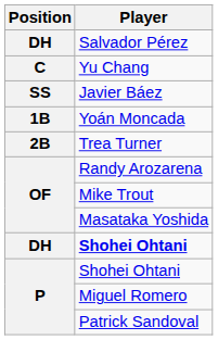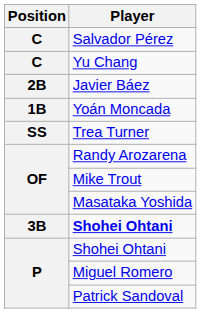 <table class=wikitable>
 <tr>
 <th>Position</th>
 <th>Player</th>
 </tr>
 <tr>
-<th>DH</th>
+<th>C</th>
 <td> <a href='#'>Salvador Pérez</a></td>
 </tr>
 <tr>
 <th>C</th>
 <td> <a href='#'>Yu Chang</a></td>
 </tr>
 <tr>
-<th>SS</th>
+<th>2B</th>
 <td> <a href='#'>Javier Báez</a></td>
 </tr>
 <tr>
 <th>1B</th>
 <td> <a href='#'>Yoán Moncada</a></td>
 </tr>
 <tr>
-<th>2B</th>
+<th>SS</th>
 <td> <a href='#'>Trea Turner</a></td>
 </tr>
 <tr>
 <th rowspan=3>OF</th>
 <td> <a href='#'>Randy Arozarena</a></td>
 </tr>
 <tr>
 <td> <a href='#'>Mike Trout</a></td>
 </tr>
 <tr>
 <td> <a href='#'>Masataka Yoshida</a></td>
 </tr>
 <tr>
-<th>DH</th>
+<th>3B</th>
 <td><strong> <a href='#'>Shohei Ohtani</a></strong></td>
 </tr>
 <tr>
 <th rowspan=3>P</th>
 <td> <a href='#'>Shohei Ohtani</a></td>
 </tr>
 <tr>
 <td> <a href='#'>Miguel Romero</a></td>
 </tr>
 <tr>
 <td> <a href='#'>Patrick Sandoval</a></td>
 </tr>
 </table>
